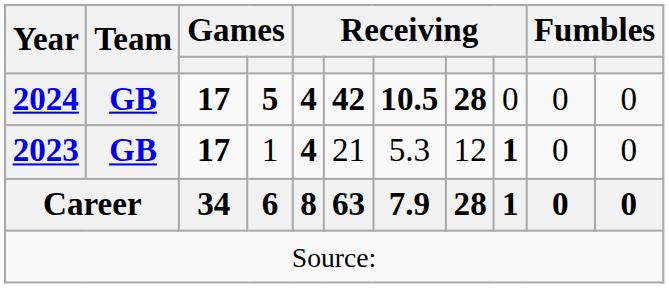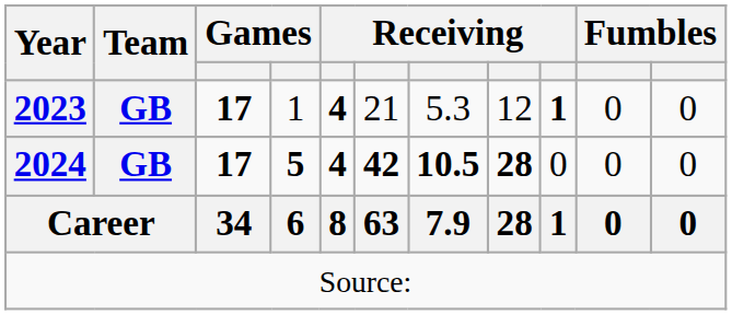 <table class= "wikitable" style="text-align:center;">
 <tr>
 <th rowspan="2">Year</th>
 <th rowspan="2">Team</th>
 <th colspan="2">Games</th>
 <th colspan="5">Receiving</th>
 <th colspan="2">Fumbles</th>
 </tr>
 <tr>
 <th></th>
 <th></th>
 <th></th>
 <th></th>
 <th></th>
 <th></th>
 <th></th>
 <th></th>
 <th></th>
 </tr>
 <tr>
+<th><a href='#'>2023</a></th>
+<th><a href='#'>GB</a></th>
+<td><strong>17</strong></td>
+<td>1</td>
+<td><strong>4</strong></td>
+<td>21</td>
+<td>5.3</td>
+<td>12</td>
+<td><strong>1</strong></td>
+<td>0</td>
+<td>0</td>
+</tr>
+<tr>
 <th><a href='#'>2024</a></th>
 <th><a href='#'>GB</a></th>
 <td><strong>17</strong></td>
 <td><strong>5</strong></td>
 <td><strong>4</strong></td>
 <td><strong>42</strong></td>
 <td><strong>10.5</strong></td>
 <td><strong>28</strong></td>
 <td>0</td>
-<td>0</td>
-<td>0</td>
-</tr>
-<tr>
-<th><a href='#'>2023</a></th>
-<th><a href='#'>GB</a></th>
-<td><strong>17</strong></td>
-<td>1</td>
-<td><strong>4</strong></td>
-<td>21</td>
-<td>5.3</td>
-<td>12</td>
-<td><strong>1</strong></td>
 <td>0</td>
 <td>0</td>
 </tr>
 <tr>
 <th colspan="2">Career</th>
 <th>34</th>
 <th>6</th>
 <th>8</th>
 <th>63</th>
 <th>7.9</th>
 <th>28</th>
 <th>1</th>
 <th>0</th>
 <th>0</th>
 </tr>
 <tr>
 <td colspan="11"><small>Source: </small></td>
 </tr>
 </table>
